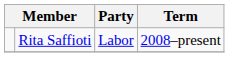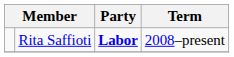 <table class="wikitable">
 <tr>
 <th colspan="2">Member</th>
 <th>Party</th>
 <th>Term</th>
 </tr>
 <tr>
 <td> </td>
 <td><a href='#'>Rita Saffioti</a></td>
-<td><a href='#'>Labor</a></td>
+<td><strong><a href='#'>Labor</a></strong></td>
 <td><a href='#'>2008</a>–present</td>
 </tr>
 <tr>
 </tr>
 </table>
